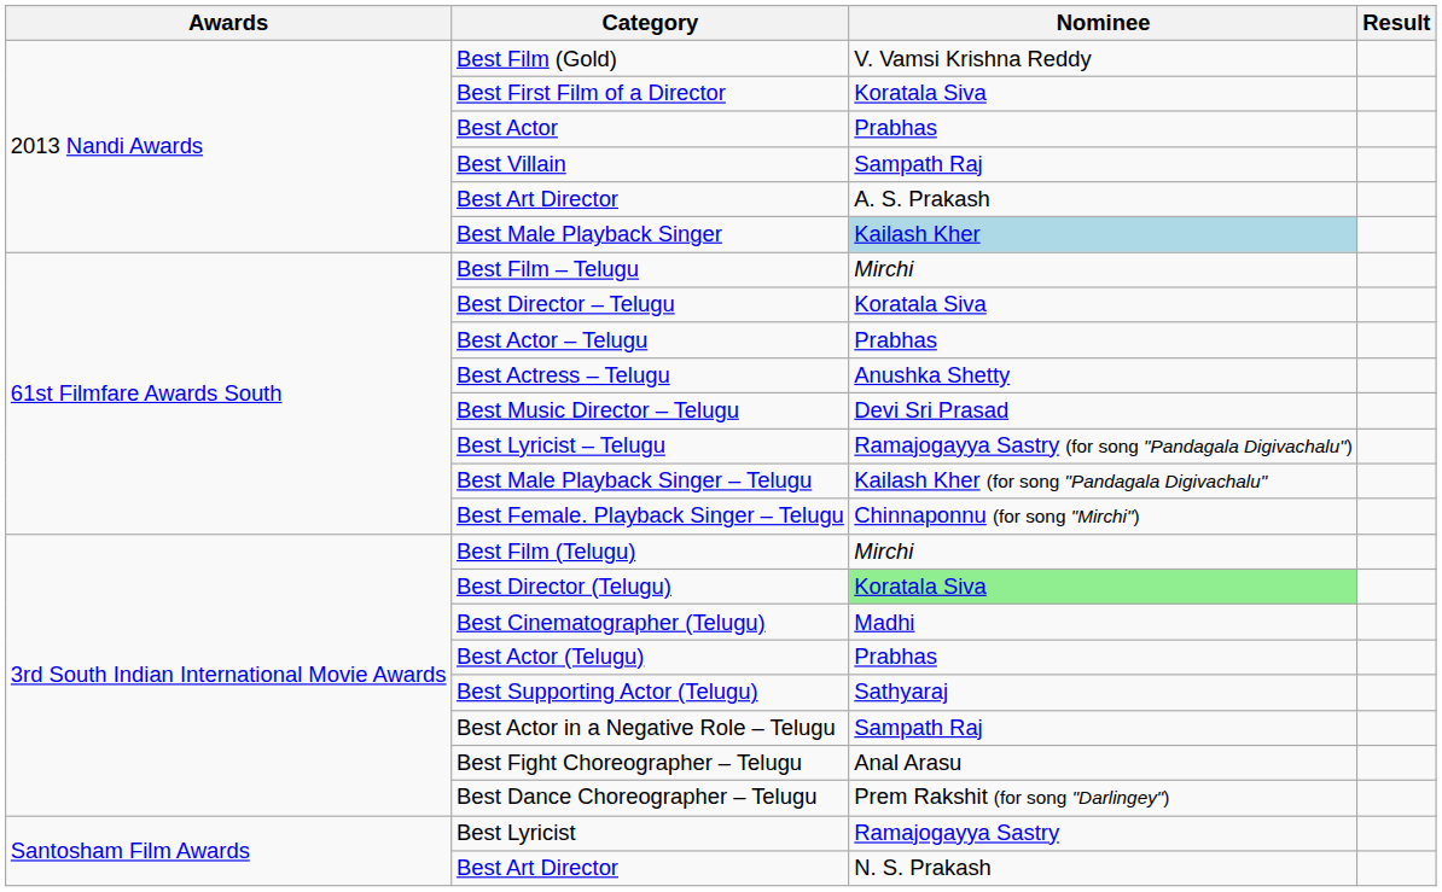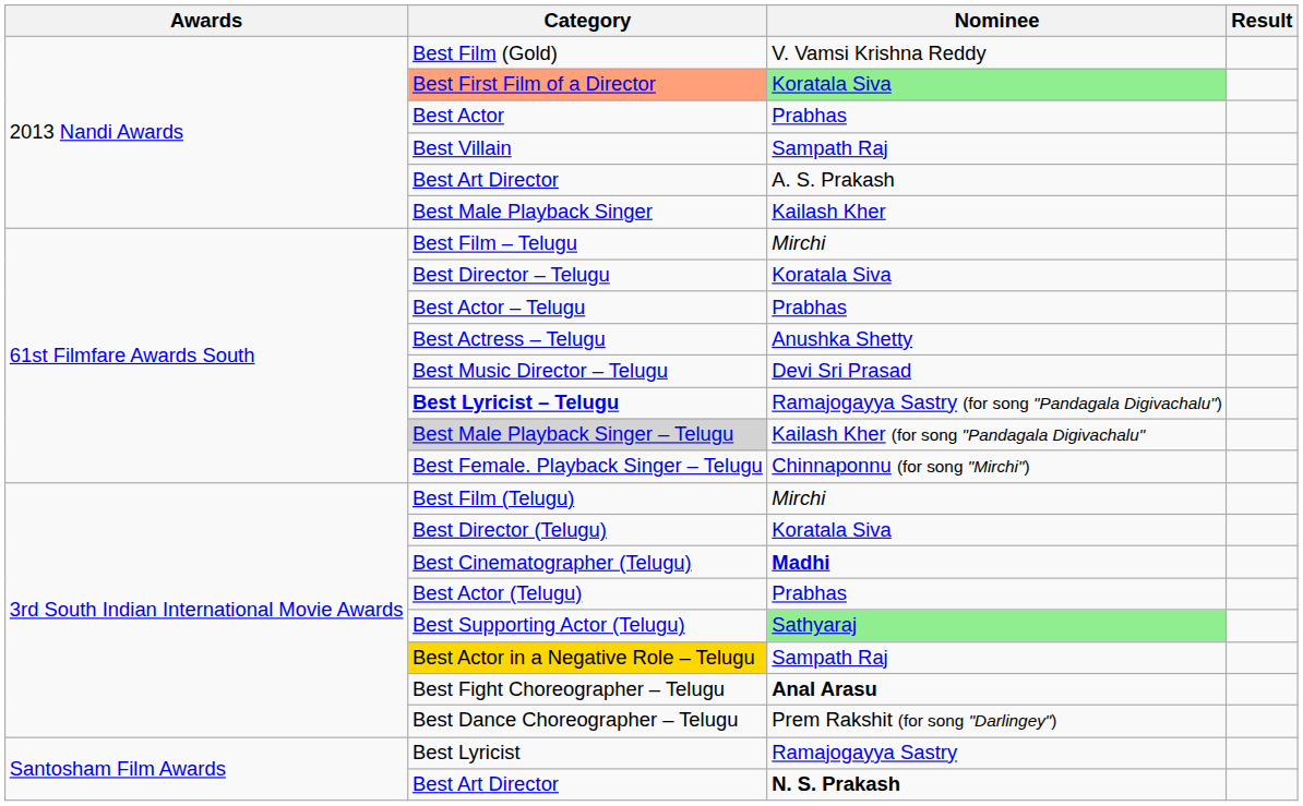 <table class="wikitable">
 <tr>
 <th>Awards</th>
 <th>Category</th>
 <th>Nominee</th>
 <th>Result</th>
 </tr>
 <tr>
 <td rowspan="6">2013 <a href='#'>Nandi Awards</a></td>
 <td><a href='#'>Best Film</a> (Gold)</td>
 <td>V. Vamsi Krishna Reddy</td>
 <td></td>
 </tr>
 <tr>
-<td><a href='#'>Best First Film of a Director</a></td>
-<td><a href='#'>Koratala Siva</a></td>
+<td style="background: lightsalmon;"><a href='#'>Best First Film of a Director</a></td>
+<td style="background: lightgreen;"><a href='#'>Koratala Siva</a></td>
 <td></td>
 </tr>
 <tr>
 <td><a href='#'>Best Actor</a></td>
 <td><a href='#'>Prabhas</a></td>
 <td></td>
 </tr>
 <tr>
 <td><a href='#'>Best Villain</a></td>
 <td><a href='#'>Sampath Raj</a></td>
 <td></td>
 </tr>
 <tr>
 <td><a href='#'>Best Art Director</a></td>
 <td>A. S. Prakash</td>
 <td></td>
 </tr>
 <tr>
 <td><a href='#'>Best Male Playback Singer</a></td>
-<td style="background: lightblue;"><a href='#'>Kailash Kher</a></td>
+<td><a href='#'>Kailash Kher</a></td>
 <td></td>
 </tr>
 <tr>
 <td rowspan="8"><a href='#'>61st Filmfare Awards South</a></td>
 <td><a href='#'>Best Film – Telugu</a></td>
 <td><em>Mirchi</em></td>
 <td></td>
 </tr>
 <tr>
 <td><a href='#'>Best Director – Telugu</a></td>
 <td><a href='#'>Koratala Siva</a></td>
 <td></td>
 </tr>
 <tr>
 <td><a href='#'>Best Actor – Telugu</a></td>
 <td><a href='#'>Prabhas</a></td>
 <td></td>
 </tr>
 <tr>
 <td><a href='#'>Best Actress – Telugu</a></td>
 <td><a href='#'>Anushka Shetty</a></td>
 <td></td>
 </tr>
 <tr>
 <td><a href='#'>Best Music Director – Telugu</a></td>
 <td><a href='#'>Devi Sri Prasad</a></td>
 <td></td>
 </tr>
 <tr>
-<td><a href='#'>Best Lyricist – Telugu</a></td>
+<td><strong><a href='#'>Best Lyricist – Telugu</a></strong></td>
 <td><a href='#'>Ramajogayya Sastry</a> <small>(for song <em>"Pandagala Digivachalu"</em>)</small></td>
 <td></td>
 </tr>
 <tr>
-<td><a href='#'>Best Male Playback Singer – Telugu</a></td>
+<td style="background: lightgrey;"><a href='#'>Best Male Playback Singer – Telugu</a></td>
 <td><a href='#'>Kailash Kher</a> <small>(for song <em>"Pandagala Digivachalu"</em></small></td>
 <td></td>
 </tr>
 <tr>
 <td><a href='#'>Best Female. Playback Singer – Telugu</a></td>
 <td><a href='#'>Chinnaponnu</a> <small>(for song <em>"Mirchi"</em>)</small></td>
 <td></td>
 </tr>
 <tr>
 <td rowspan="8"><a href='#'>3rd South Indian International Movie Awards</a></td>
 <td><a href='#'>Best Film (Telugu)</a></td>
 <td><em>Mirchi</em></td>
 <td></td>
 </tr>
 <tr>
 <td><a href='#'>Best Director (Telugu)</a></td>
-<td style="background: lightgreen;"><a href='#'>Koratala Siva</a></td>
+<td><a href='#'>Koratala Siva</a></td>
 <td></td>
 </tr>
 <tr>
 <td><a href='#'>Best Cinematographer (Telugu)</a></td>
-<td><a href='#'>Madhi</a></td>
+<td><strong><a href='#'>Madhi</a></strong></td>
 <td></td>
 </tr>
 <tr>
 <td><a href='#'>Best Actor (Telugu)</a></td>
 <td><a href='#'>Prabhas</a></td>
 <td></td>
 </tr>
 <tr>
 <td><a href='#'>Best Supporting Actor (Telugu)</a></td>
-<td><a href='#'>Sathyaraj</a></td>
+<td style="background: lightgreen;"><a href='#'>Sathyaraj</a></td>
 <td></td>
 </tr>
 <tr>
-<td>Best Actor in a Negative Role – Telugu</td>
+<td style="background: gold;">Best Actor in a Negative Role – Telugu</td>
 <td><a href='#'>Sampath Raj</a></td>
 <td></td>
 </tr>
 <tr>
 <td>Best Fight Choreographer – Telugu</td>
-<td>Anal Arasu</td>
+<td><strong>Anal Arasu</strong></td>
 <td></td>
 </tr>
 <tr>
 <td>Best Dance Choreographer – Telugu</td>
 <td>Prem Rakshit <small>(for song <em>"Darlingey"</em>)</small></td>
 <td></td>
 </tr>
 <tr>
 <td rowspan="2"><a href='#'>Santosham Film Awards</a></td>
 <td>Best Lyricist</td>
 <td><a href='#'>Ramajogayya Sastry</a></td>
 <td></td>
 </tr>
 <tr>
 <td><a href='#'>Best Art Director</a></td>
-<td>N. S. Prakash</td>
+<td><strong>N. S. Prakash</strong></td>
 <td></td>
 </tr>
 </table>
